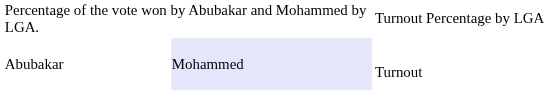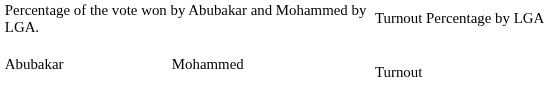 <table align=center>
 <tr>
 <td colspan=2>Percentage of the vote won by Abubakar and Mohammed by LGA.</td>
 <td width=220px>Turnout Percentage by LGA</td>
 </tr>
 <tr>
 <td><br>Abubakar<br> <br> </td>
-<td style="background: lavender;"><br>Mohammed<br> <br> </td>
+<td><br>Mohammed<br> <br> </td>
 <td><br>Turnout<br>  </td>
 </tr>
 </table>
